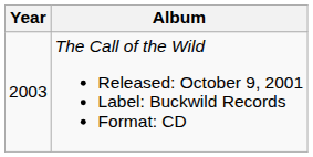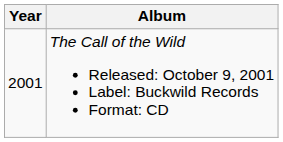 <table class="wikitable" style="text-align:center;">
 <tr>
 <th>Year</th>
 <th>Album</th>
 </tr>
 <tr>
-<td>2003</td>
+<td>2001</td>
 <td align="left"><em>The Call of the Wild</em><br><ul><li>Released: October 9, 2001</li><li>Label: Buckwild Records</li><li>Format: CD</li></ul></td>
 </tr>
 </table>
